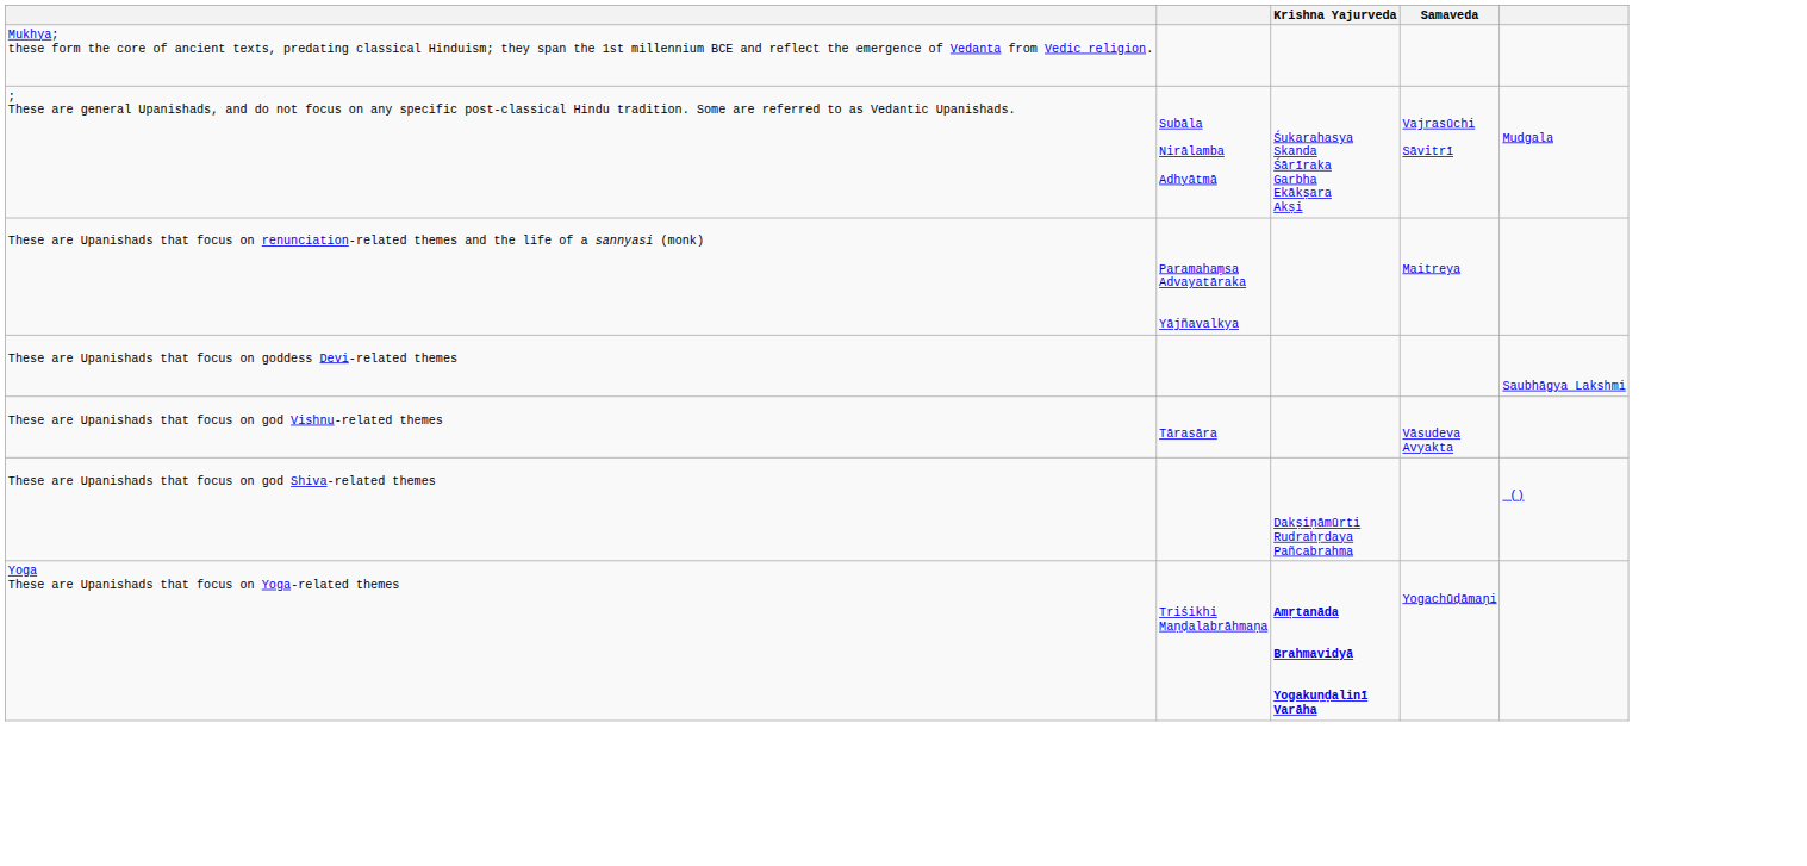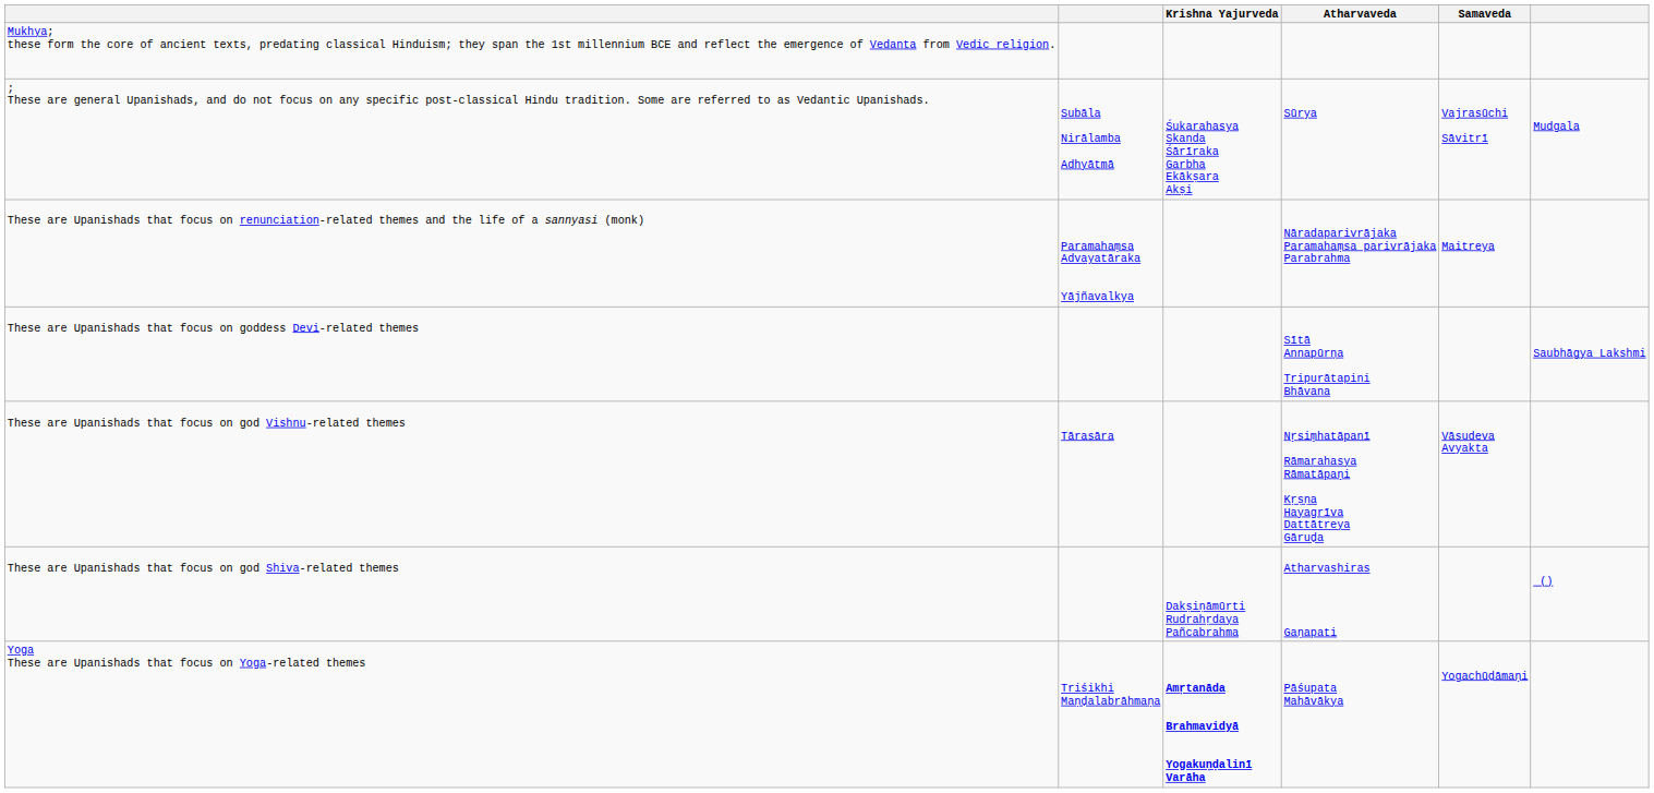 <table class="wikitable collapsible sortable" border=1>
 <tr>
 <th> </th>
 <th></th>
 <th>Krishna Yajurveda</th>
+<th>Atharvaveda</th>
 <th>Samaveda</th>
 <th></th>
 </tr>
 <tr valign = "top">
 <td><a href='#'>Mukhya</a>;<br>these form the core of ancient texts, predating classical Hinduism; they span the 1st millennium BCE and reflect the emergence of <a href='#'>Vedanta</a> from <a href='#'>Vedic religion</a>.</td>
 <td><br><br><a href='#'></a> <br></td>
 <td><br><br><a href='#'></a> <br><a href='#'></a> <br><a href='#'></a></td>
+<td><br><br><a href='#'></a> <br><a href='#'></a> <br></td>
 <td><br><br><a href='#'></a> <br><a href='#'></a> <br><a href='#'></a></td>
 <td><br><br> <br><a href='#'></a></td>
 </tr>
 <tr valign = "top">
 <td>;<br>These are general Upanishads, and do not focus on any specific post-classical Hindu tradition. Some are referred to as Vedantic Upanishads.</td>
 <td><br><br><a href='#'>Subāla</a> <br><a href='#'></a> <br><a href='#'>Nirālamba</a> <br><a href='#'></a> <br><a href='#'>Adhyātmā</a> <br></td>
 <td><br><br><a href='#'></a> <br><a href='#'>Śukarahasya</a> <br><a href='#'>Skanda</a> <br><a href='#'>Śārīraka</a> <br><a href='#'>Garbha</a> <br><a href='#'>Ekākṣara</a> <br><a href='#'>Akṣi</a> <br><a href='#'></a></td>
+<td><br><br><a href='#'>Sūrya</a> <br><a href='#'></a></td>
 <td><br><br><a href='#'>Vajrasūchi</a> <br><a href='#'></a> <br><a href='#'>Sāvitrī</a></td>
 <td><br><br><a href='#'></a> <br><a href='#'>Mudgala</a></td>
 </tr>
 <tr valign = "top">
 <td><br>These are Upanishads that focus on <a href='#'>renunciation</a>-related themes and the life of a <em>sannyasi</em> (monk)</td>
 <td><br><br><a href='#'></a> <br><a href='#'>Paramahaṃsa</a> <br><a href='#'>Advayatāraka</a> <br><a href='#'></a> <br> <br><a href='#'>Yājñavalkya</a> <br><a href='#'></a></td>
 <td><br><br><a href='#'></a> <br><a href='#'></a> <br><a href='#'></a> <br><a href='#'></a></td>
+<td><br><br><a href='#'>Nāradaparivrājaka</a> <br><a href='#'>Paramahaṃsa parivrājaka</a> <br><a href='#'>Parabrahma</a></td>
 <td><br><br><a href='#'></a> <br><a href='#'>Maitreya</a> <br><a href='#'></a> <br><a href='#'></a></td>
 <td><br><br><a href='#'></a></td>
 </tr>
 <tr valign = "top">
 <td><br>These are Upanishads that focus on goddess <a href='#'>Devi</a>-related themes</td>
 <td> </td>
 <td><br><br><a href='#'></a></td>
+<td><br><br><a href='#'>Sītā</a> <br><a href='#'>Annapūrṇa</a> <br><a href='#'></a> <br><a href='#'>Tripurātapini</a> <br><a href='#'>Bhāvana</a></td>
 <td> </td>
 <td><br><br><a href='#'></a> <br><a href='#'>Saubhāgya Lakshmi</a> <br><a href='#'></a></td>
 </tr>
 <tr valign = "top">
 <td><br>These are Upanishads that focus on god <a href='#'>Vishnu</a>-related themes</td>
 <td><br><br><a href='#'>Tārasāra</a></td>
 <td><br><br><a href='#'></a> <br><a href='#'></a></td>
+<td><br><br><a href='#'>Nṛsiṃhatāpanī</a> <br><a href='#'></a> <br><a href='#'>Rāmarahasya</a> <br><a href='#'>Rāmatāpaṇi</a> <br> <br><a href='#'>Kṛṣṇa</a> <br><a href='#'>Hayagrīva</a> <br><a href='#'>Dattātreya</a> <br><a href='#'>Gāruḍa</a></td>
 <td><br><br><a href='#'>Vāsudeva</a> <br><a href='#'>Avyakta</a></td>
 <td> </td>
 </tr>
 <tr valign = "top">
 <td><br>These are Upanishads that focus on god <a href='#'>Shiva</a>-related themes</td>
 <td></td>
 <td><br><br><a href='#'></a> <br><a href='#'></a> <br><a href='#'>Dakṣiṇāmūrti</a> <br><a href='#'>Rudrahṛdaya</a> <br><a href='#'>Pañcabrahma</a></td>
+<td><br><a href='#'>Atharvashiras</a><br><a href='#'></a> <br><a href='#'></a> <br> <br><a href='#'></a> <br><a href='#'>Gaṇapati</a></td>
 <td><br><br><a href='#'></a> <br><a href='#'></a></td>
 <td><br><br><a href='#'> ()</a></td>
 </tr>
 <tr valign = "top">
 <td><a href='#'>Yoga</a> <br>These are Upanishads that focus on <a href='#'>Yoga</a>-related themes</td>
 <td><br><br><a href='#'></a> <br><a href='#'>Triśikhi</a> <br><a href='#'>Maṇḍalabrāhmaṇa</a></td>
 <td><strong><br><br><a href='#'></a> <br><a href='#'>Amṛtanāda</a> <br><a href='#'></a> <br><a href='#'></a> <br><a href='#'>Brahmavidyā</a> <br><a href='#'></a> <br><a href='#'></a> <br><a href='#'>Yogakuṇḍalinī</a> <br><a href='#'>Varāha</a></strong></td>
+<td><br><br><a href='#'></a> <br><a href='#'>Pāśupata</a> <br><a href='#'>Mahāvākya</a></td>
 <td><br><br><a href='#'>Yogachūḍāmaṇi</a> <br><a href='#'></a></td>
 <td><br><br></td>
 </tr>
 </table>
